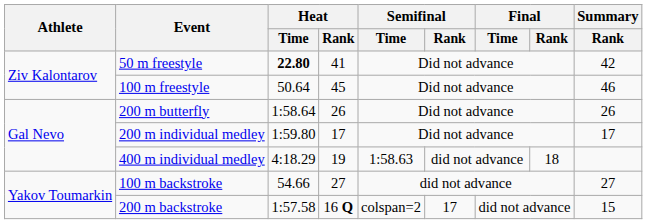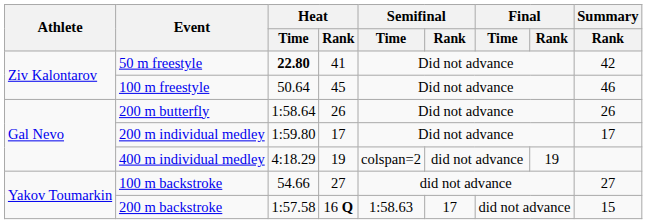 <table class=wikitable style="font-size:90%">
 <tr>
 <th rowspan="2">Athlete</th>
 <th rowspan="2">Event</th>
 <th colspan="2">Heat</th>
 <th colspan="2">Semifinal</th>
 <th colspan="2">Final</th>
 <th>Summary</th>
 </tr>
 <tr style="font-size:95%">
 <th>Time</th>
 <th>Rank</th>
 <th>Time</th>
 <th>Rank</th>
 <th>Time</th>
 <th>Rank</th>
 <th>Rank</th>
 </tr>
 <tr align=center>
 <td rowspan="2" style="text-align:left;"><a href='#'>Ziv Kalontarov</a></td>
 <td align=left><a href='#'>50 m freestyle</a></td>
 <td><strong>22.80</strong></td>
 <td>41</td>
 <td colspan="4">Did not advance</td>
 <td>42</td>
 </tr>
 <tr align=center>
 <td align=left><a href='#'>100 m freestyle</a></td>
 <td>50.64</td>
 <td>45</td>
 <td colspan="4">Did not advance</td>
 <td>46</td>
 </tr>
 <tr style="text-align:center;">
 <td rowspan="3" style="text-align:left;"><a href='#'>Gal Nevo</a></td>
 <td style="text-align:left;"><a href='#'>200 m butterfly</a></td>
 <td>1:58.64</td>
 <td>26</td>
 <td colspan="4">Did not advance</td>
 <td>26</td>
 </tr>
 <tr align=center>
 <td align=left><a href='#'>200 m individual medley</a></td>
 <td>1:59.80</td>
 <td>17</td>
 <td colspan="4">Did not advance</td>
 <td>17</td>
 </tr>
 <tr align=center>
 <td align=left><a href='#'>400 m individual medley</a></td>
 <td>4:18.29</td>
 <td>19</td>
-<td>1:58.63</td>
+<td>colspan=2 </td>
 <td colspan=2>did not advance</td>
-<td>18</td>
+<td>19</td>
 </tr>
 <tr align=center>
 <td style="text-align:left;" rowspan="2"><a href='#'>Yakov Toumarkin</a></td>
 <td align=left><a href='#'>100 m backstroke</a></td>
 <td>54.66</td>
 <td>27</td>
 <td colspan=4>did not advance</td>
 <td>27</td>
 </tr>
 <tr align=center>
 <td align=left><a href='#'>200 m backstroke</a></td>
 <td>1:57.58</td>
 <td>16 <strong>Q</strong></td>
-<td>colspan=2 </td>
+<td>1:58.63</td>
 <td>17</td>
 <td colspan=2>did not advance</td>
 <td>15</td>
 </tr>
 </table>
